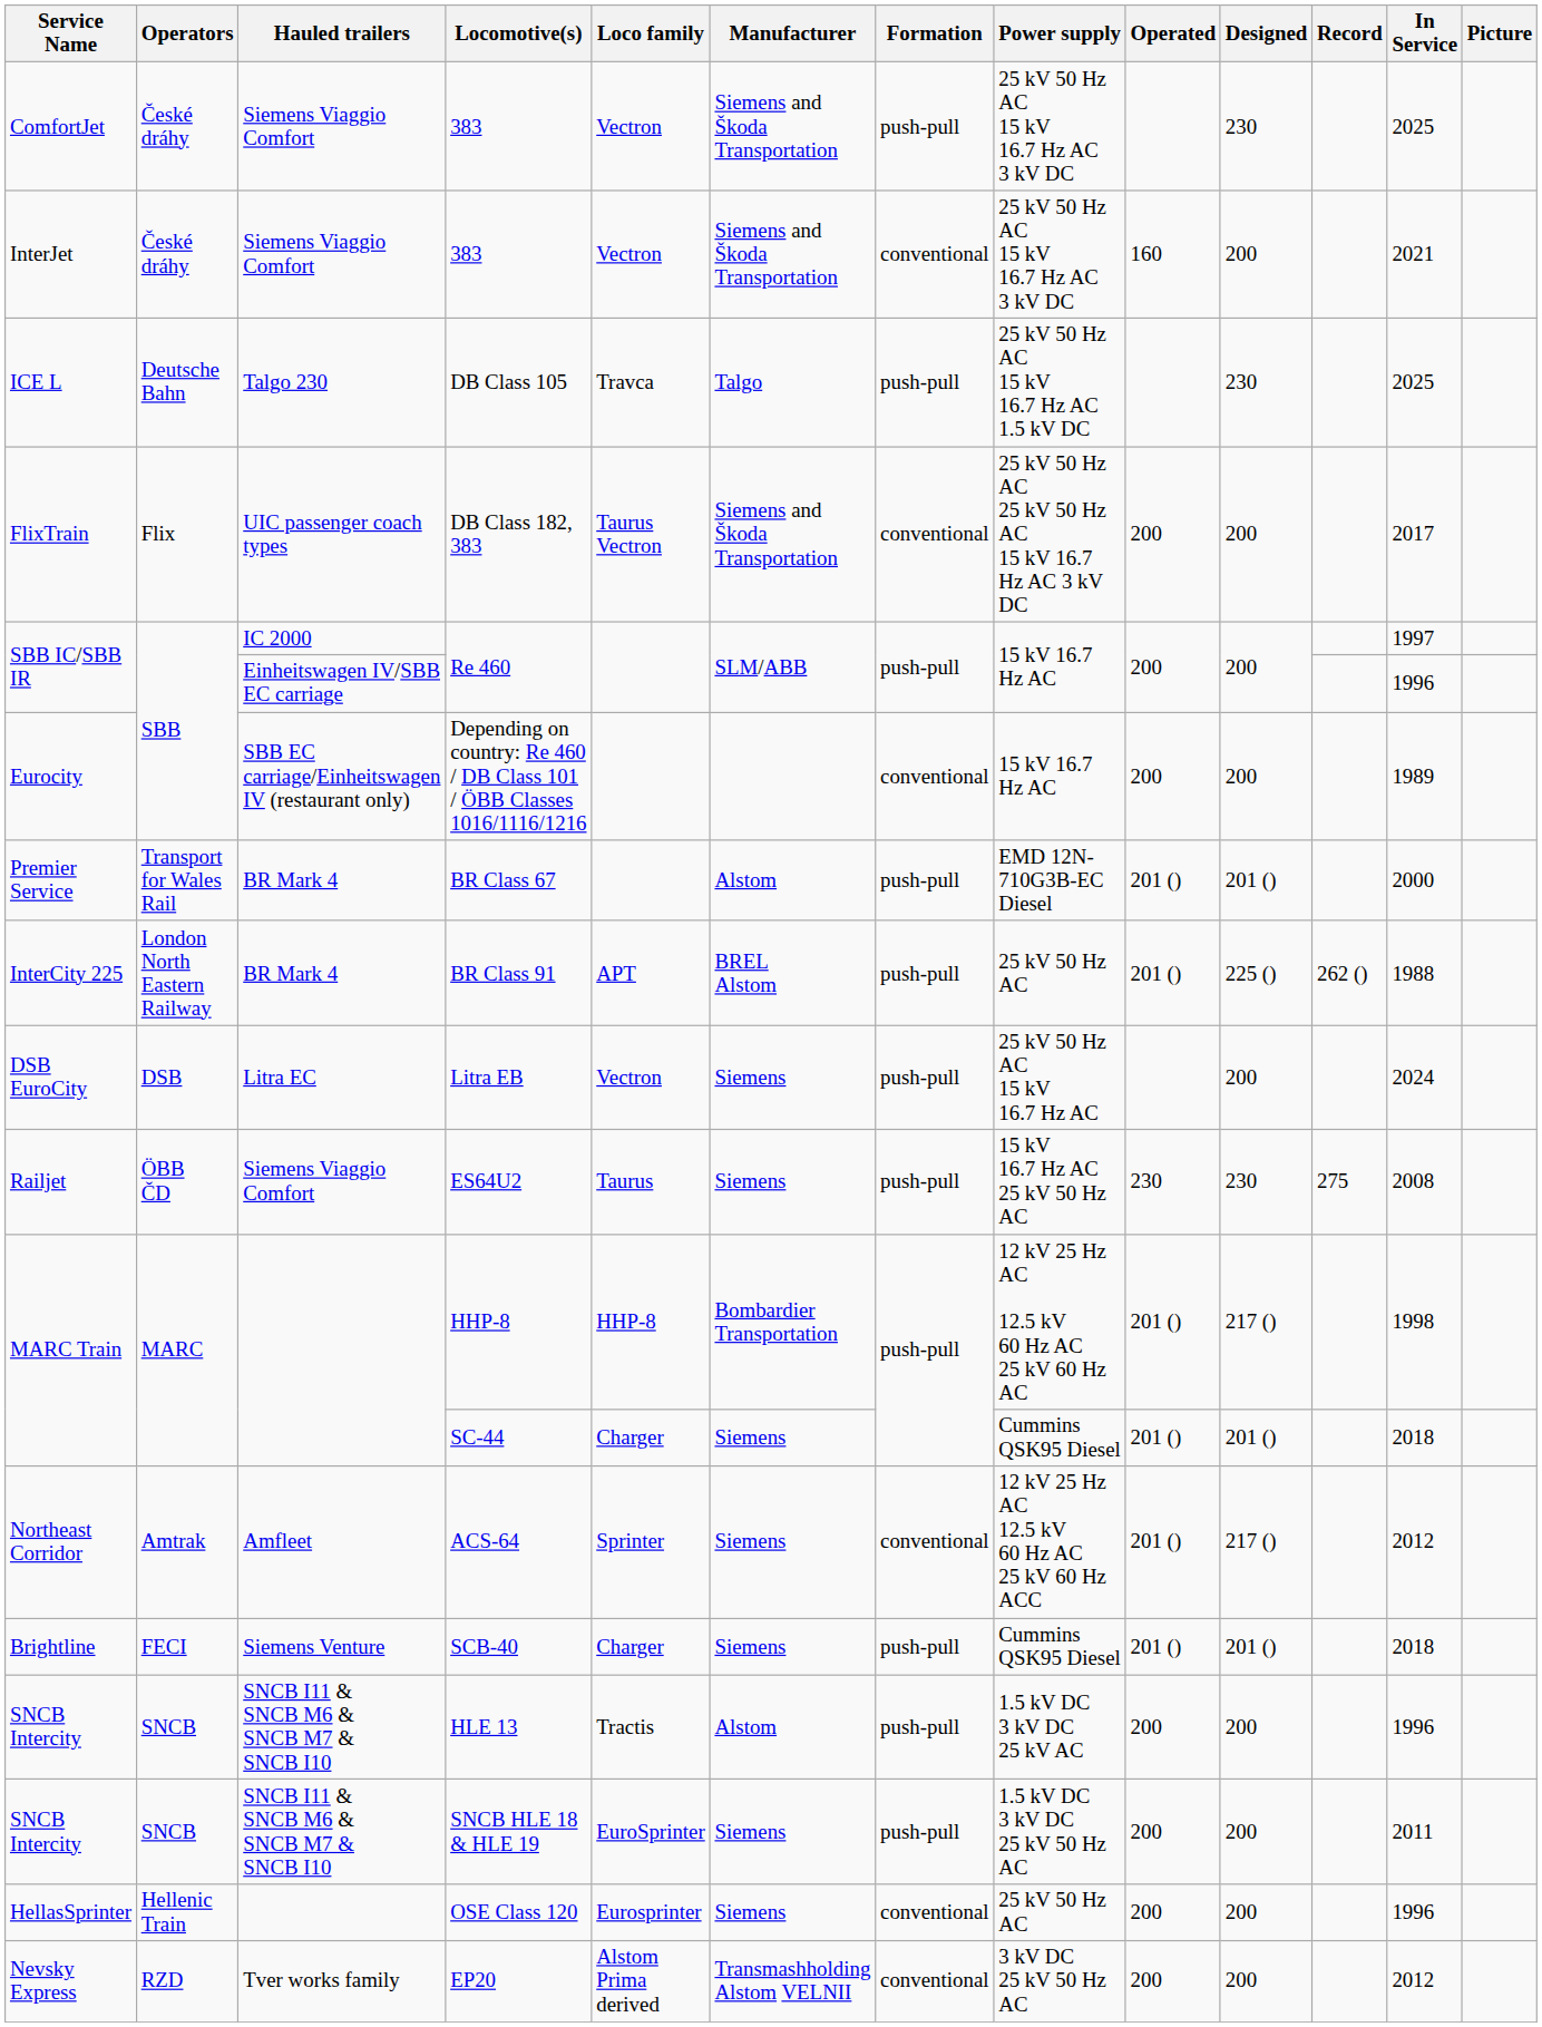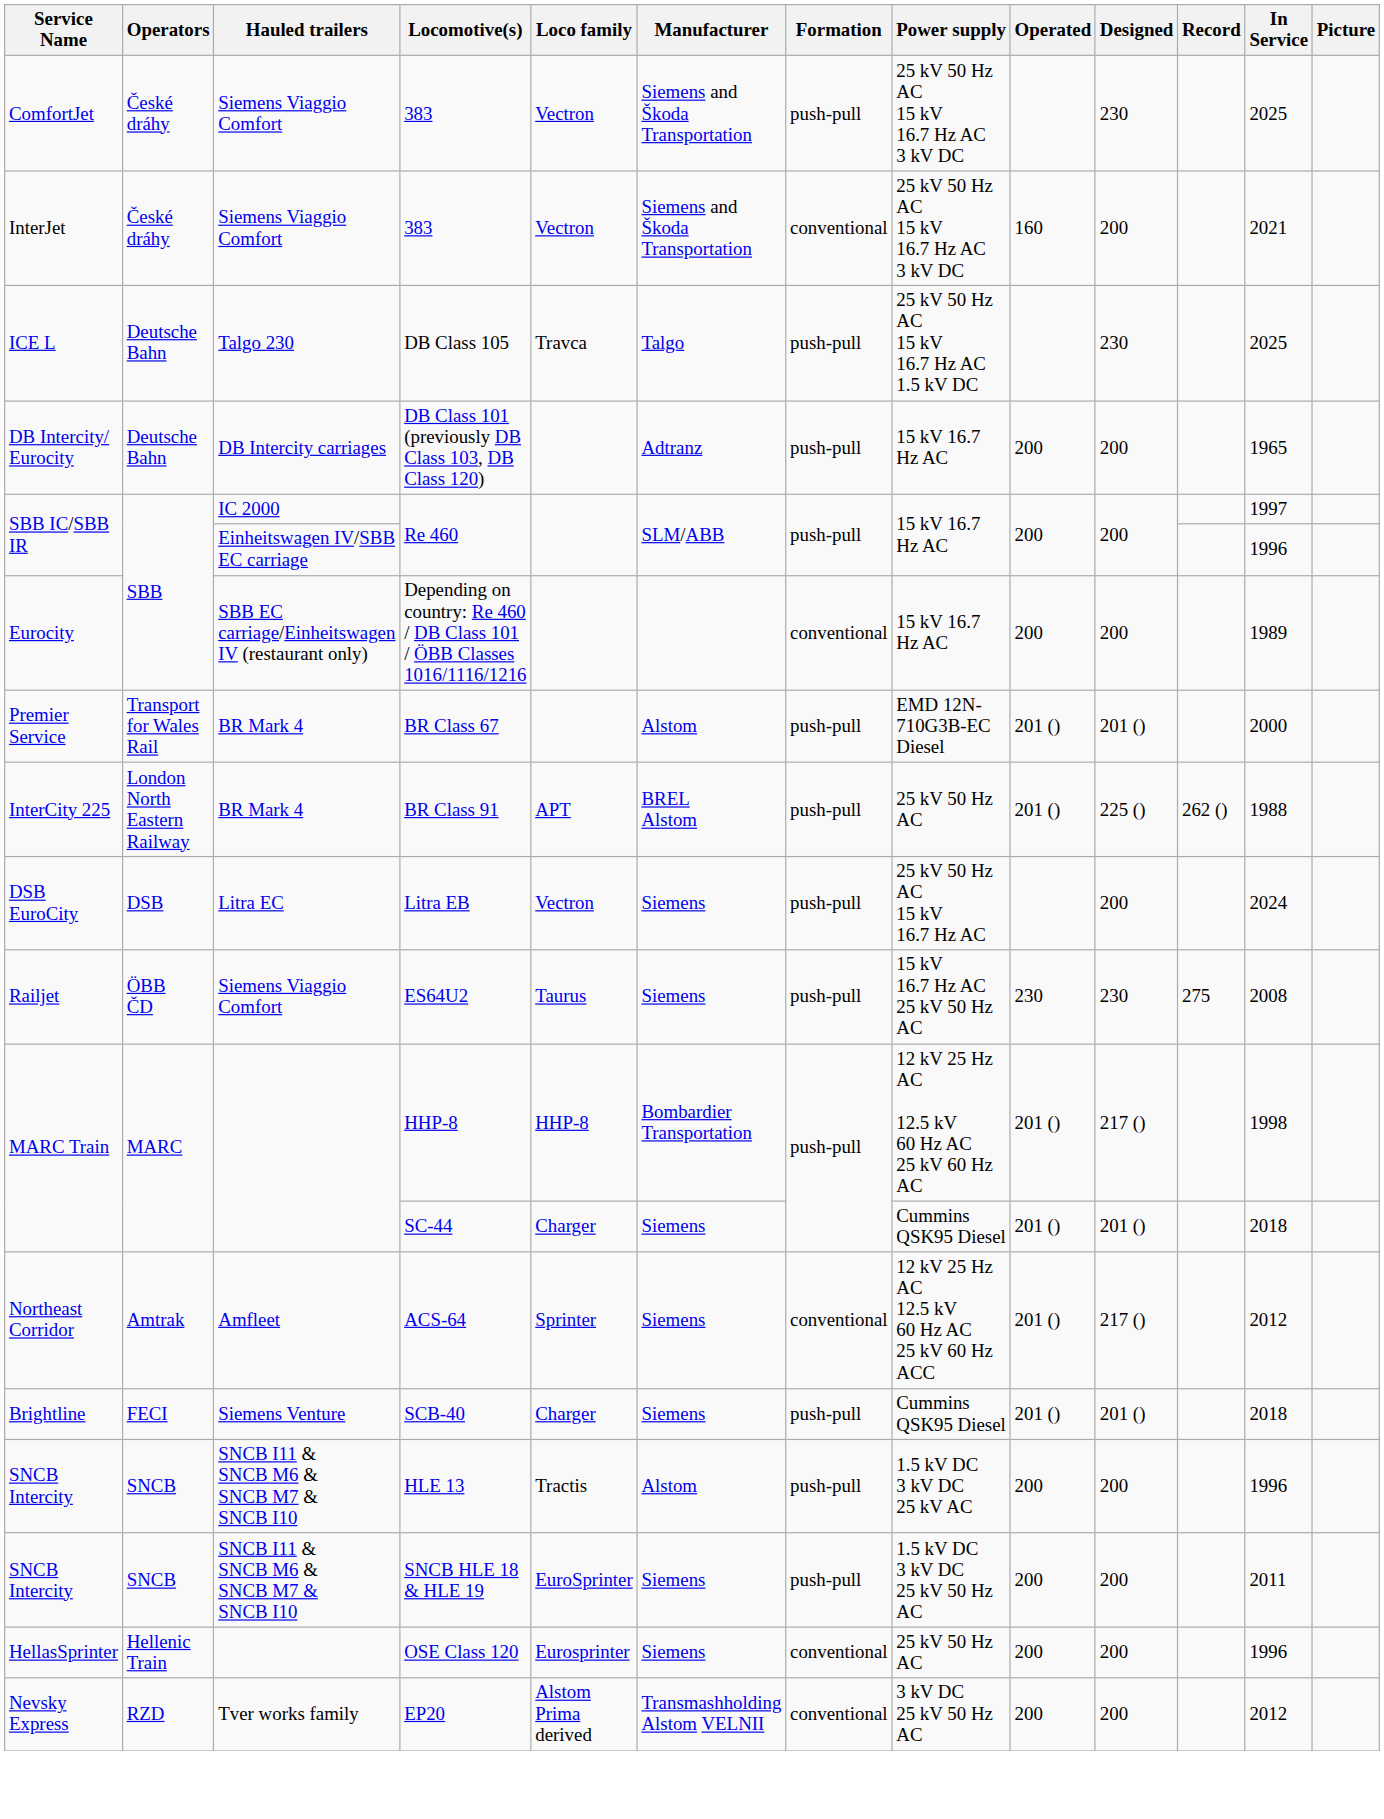 <table class="wikitable sortable sticky-header-multi">
 <tr>
 <th>Service Name</th>
 <th>Operators</th>
 <th>Hauled trailers</th>
 <th>Locomotive(s)</th>
 <th>Loco family</th>
 <th>Manufacturer</th>
 <th>Formation</th>
 <th>Power supply</th>
 <th class="sortable">Operated</th>
 <th>Designed</th>
 <th>Record</th>
 <th>In<br>Service</th>
 <th>Picture</th>
 </tr>
 <tr>
 <td><a href='#'>ComfortJet</a></td>
 <td> <a href='#'>České dráhy</a></td>
 <td><a href='#'>Siemens Viaggio Comfort</a></td>
 <td><a href='#'>383</a></td>
 <td><a href='#'>Vectron</a></td>
 <td><a href='#'>Siemens</a> and <a href='#'>Škoda Transportation</a></td>
 <td>push-pull<br></td>
 <td>25 kV 50 Hz AC<br>15 kV 16.7 Hz AC<br>3 kV DC</td>
 <td></td>
 <td>230</td>
 <td></td>
 <td>2025</td>
 <td></td>
 </tr>
 <tr>
 <td>InterJet</td>
 <td> <a href='#'>České dráhy</a></td>
 <td><a href='#'>Siemens Viaggio Comfort</a></td>
 <td><a href='#'>383</a></td>
 <td><a href='#'>Vectron</a></td>
 <td><a href='#'>Siemens</a> and <a href='#'>Škoda Transportation</a></td>
 <td>conventional</td>
 <td>25 kV 50 Hz AC<br>15 kV 16.7 Hz AC<br>3 kV DC</td>
 <td>160</td>
 <td>200</td>
 <td></td>
 <td>2021</td>
 <td></td>
 </tr>
 <tr>
 <td><a href='#'>ICE L</a></td>
 <td> <a href='#'>Deutsche Bahn</a></td>
 <td><a href='#'>Talgo 230</a></td>
 <td>DB Class 105</td>
 <td>Travca</td>
 <td><a href='#'>Talgo</a></td>
 <td>push-pull<br></td>
 <td>25 kV 50 Hz AC<br>15 kV 16.7 Hz AC<br>1.5 kV DC</td>
 <td></td>
 <td>230</td>
 <td></td>
 <td>2025</td>
 <td></td>
 </tr>
 <tr>
-<td><a href='#'>FlixTrain</a></td>
-<td>  Flix</td>
-<td><a href='#'>UIC passenger coach types</a></td>
-<td>DB Class 182, <a href='#'>383</a></td>
-<td><a href='#'>Taurus</a> <a href='#'>Vectron</a></td>
-<td><a href='#'>Siemens</a> and <a href='#'>Škoda Transportation</a></td>
-<td>conventional</td>
-<td>25 kV 50 Hz AC<br>25 kV 50 Hz AC<br>15 kV 16.7 Hz AC 3 kV DC</td>
+<td><a href='#'>DB Intercity/</a> <a href='#'>Eurocity</a></td>
+<td> <a href='#'>Deutsche Bahn</a></td>
+<td><a href='#'>DB Intercity carriages</a></td>
+<td><a href='#'>DB Class 101</a><br>(previously <a href='#'>DB Class 103</a>, <a href='#'>DB Class 120</a>)</td>
+<td></td>
+<td><a href='#'>Adtranz</a></td>
+<td>push-pull<br></td>
+<td>15 kV 16.7 Hz AC</td>
 <td>200</td>
 <td>200</td>
 <td></td>
-<td>2017</td>
+<td>1965</td>
 <td></td>
 </tr>
 <tr>
 <td rowspan=2><a href='#'>SBB IC</a>/<a href='#'>SBB IR</a></td>
 <td rowspan=3> <a href='#'>SBB</a></td>
 <td><a href='#'>IC 2000</a></td>
 <td rowspan=2><a href='#'>Re 460</a></td>
 <td rowspan=2></td>
 <td rowspan=2><a href='#'>SLM</a>/<a href='#'>ABB</a></td>
 <td rowspan=2>push-pull<br></td>
 <td rowspan=2>15 kV 16.7 Hz AC</td>
 <td rowspan=2>200</td>
 <td rowspan=2>200</td>
 <td></td>
 <td>1997</td>
 <td></td>
 </tr>
 <tr>
 <td><a href='#'>Einheitswagen IV</a>/<a href='#'>SBB EC carriage</a></td>
 <td></td>
 <td>1996</td>
 <td></td>
 </tr>
 <tr>
 <td><a href='#'>Eurocity</a></td>
 <td><a href='#'>SBB EC carriage</a>/<a href='#'>Einheitswagen IV</a> (restaurant only)</td>
 <td>Depending on country: <a href='#'>Re 460</a> / <a href='#'>DB Class 101</a> / <a href='#'>ÖBB Classes 1016/1116/1216</a></td>
 <td></td>
 <td></td>
 <td>conventional</td>
 <td>15 kV 16.7 Hz AC</td>
 <td>200</td>
 <td>200</td>
 <td></td>
 <td>1989</td>
 <td></td>
 </tr>
 <tr>
 <td><a href='#'>Premier Service</a></td>
 <td> <a href='#'>Transport for Wales Rail</a></td>
 <td><a href='#'>BR Mark 4</a></td>
 <td><a href='#'>BR Class 67</a></td>
 <td></td>
 <td><a href='#'>Alstom</a></td>
 <td>push-pull<br></td>
 <td>EMD 12N-710G3B-EC Diesel</td>
 <td>201 ()</td>
 <td>201 ()</td>
 <td></td>
 <td>2000</td>
 <td></td>
 </tr>
 <tr>
 <td><a href='#'>InterCity 225</a></td>
 <td> <a href='#'>London North Eastern Railway</a></td>
 <td><a href='#'>BR Mark 4</a></td>
 <td><a href='#'>BR Class 91</a></td>
 <td><a href='#'>APT</a></td>
 <td><a href='#'>BREL</a><br><a href='#'>Alstom</a></td>
 <td>push-pull<br></td>
 <td>25 kV 50 Hz AC</td>
 <td>201 ()</td>
 <td>225 ()</td>
 <td>262 ()</td>
 <td>1988</td>
 <td></td>
 </tr>
 <tr>
 <td><a href='#'>DSB EuroCity</a></td>
 <td> <a href='#'>DSB</a></td>
 <td><a href='#'>Litra EC</a></td>
 <td><a href='#'>Litra EB</a></td>
 <td><a href='#'>Vectron</a></td>
 <td><a href='#'>Siemens</a></td>
 <td>push-pull<br></td>
 <td>25 kV 50 Hz AC<br>15 kV 16.7 Hz AC</td>
 <td></td>
 <td>200</td>
 <td></td>
 <td>2024</td>
 <td></td>
 </tr>
 <tr>
 <td><a href='#'>Railjet</a></td>
 <td> <a href='#'>ÖBB</a><br> <a href='#'>ČD</a></td>
 <td><a href='#'>Siemens Viaggio Comfort</a></td>
 <td><a href='#'>ES64U2</a></td>
 <td><a href='#'>Taurus</a></td>
 <td><a href='#'>Siemens</a></td>
 <td>push-pull<br></td>
 <td>15 kV 16.7 Hz AC<br>25 kV 50 Hz AC</td>
 <td>230</td>
 <td>230</td>
 <td>275</td>
 <td>2008</td>
 <td></td>
 </tr>
 <tr>
 <td rowspan="2"><a href='#'>MARC Train</a></td>
 <td rowspan="2"> <a href='#'>MARC</a></td>
 <td rowspan="2"></td>
 <td><a href='#'>HHP-8</a></td>
 <td><a href='#'>HHP-8</a></td>
 <td><a href='#'>Bombardier Transportation</a></td>
 <td rowspan="2">push-pull<br></td>
 <td>12 kV 25 Hz AC<br><br>12.5 kV 60 Hz AC<br> 25 kV 60 Hz AC</td>
 <td>201 ()</td>
 <td>217 ()</td>
 <td></td>
 <td>1998</td>
 <td></td>
 </tr>
 <tr>
 <td><a href='#'>SC-44</a></td>
 <td><a href='#'>Charger</a></td>
 <td><a href='#'>Siemens</a></td>
 <td>Cummins QSK95 Diesel</td>
 <td>201 ()</td>
 <td>201 ()</td>
 <td></td>
 <td>2018</td>
 <td></td>
 </tr>
 <tr>
 <td><a href='#'>Northeast Corridor</a></td>
 <td> <a href='#'>Amtrak</a></td>
 <td><a href='#'>Amfleet</a></td>
 <td><a href='#'>ACS-64</a></td>
 <td><a href='#'>Sprinter</a></td>
 <td><a href='#'>Siemens</a></td>
 <td>conventional</td>
 <td>12 kV 25 Hz AC<br>12.5 kV 60 Hz AC<br>25 kV 60 Hz ACC</td>
 <td>201 ()</td>
 <td>217 ()</td>
 <td></td>
 <td>2012</td>
 <td></td>
 </tr>
 <tr>
 <td><a href='#'>Brightline</a></td>
 <td> <a href='#'>FECI</a></td>
 <td><a href='#'>Siemens Venture</a></td>
 <td><a href='#'>SCB-40</a></td>
 <td><a href='#'>Charger</a></td>
 <td><a href='#'>Siemens</a></td>
 <td>push-pull<br></td>
 <td>Cummins QSK95 Diesel</td>
 <td>201 ()</td>
 <td>201 ()</td>
 <td></td>
 <td>2018</td>
 <td></td>
 </tr>
 <tr>
 <td><a href='#'>SNCB Intercity</a></td>
 <td> <a href='#'>SNCB</a></td>
 <td><a href='#'>SNCB I11</a> &<br><a href='#'>SNCB M6</a> &<br><a href='#'>SNCB M7</a> &<br><a href='#'>SNCB I10</a></td>
 <td><a href='#'>HLE 13</a></td>
 <td>Tractis</td>
 <td><a href='#'>Alstom</a></td>
 <td>push-pull<br></td>
 <td>1.5 kV DC<br>3 kV DC<br>25 kV AC</td>
 <td>200</td>
 <td>200</td>
 <td></td>
 <td>1996</td>
 <td></td>
 </tr>
 <tr>
 <td><a href='#'>SNCB Intercity</a></td>
 <td> <a href='#'>SNCB</a></td>
 <td><a href='#'>SNCB I11</a> &<br><a href='#'>SNCB M6</a> &<br><a href='#'>SNCB M7 &</a><br><a href='#'>SNCB I10</a></td>
 <td><a href='#'>SNCB HLE 18 & HLE 19</a></td>
 <td><a href='#'>EuroSprinter</a></td>
 <td><a href='#'>Siemens</a></td>
 <td>push-pull<br></td>
 <td>1.5 kV DC<br>3 kV DC<br>25 kV 50 Hz AC</td>
 <td>200</td>
 <td>200</td>
 <td></td>
 <td>2011</td>
 <td></td>
 </tr>
 <tr>
 <td><a href='#'>HellasSprinter</a></td>
 <td><a href='#'>Hellenic Train</a></td>
 <td></td>
 <td><a href='#'>OSE Class 120</a></td>
 <td><a href='#'>Eurosprinter</a></td>
 <td><a href='#'>Siemens</a></td>
 <td>conventional</td>
 <td>25 kV 50 Hz AC</td>
 <td>200</td>
 <td>200</td>
 <td></td>
 <td>1996</td>
 <td></td>
 </tr>
 <tr>
 <td><a href='#'>Nevsky Express</a><br></td>
 <td> <a href='#'>RZD</a></td>
 <td>Tver works family</td>
 <td><a href='#'>EP20</a></td>
 <td><a href='#'>Alstom Prima</a> derived</td>
 <td><a href='#'>Transmashholding</a><br><a href='#'>Alstom</a> <a href='#'>VELNII</a></td>
 <td>conventional</td>
 <td>3 kV DC<br>25 kV 50 Hz AC</td>
 <td>200</td>
 <td>200</td>
 <td></td>
 <td>2012</td>
 <td></td>
 </tr>
 </table>
